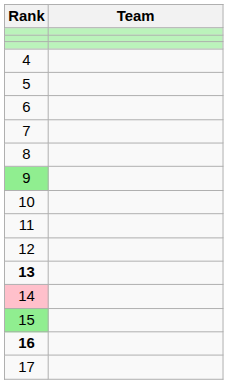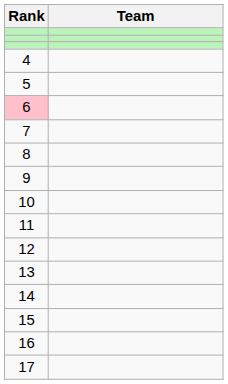 <table class="wikitable" style="text-align:center">
 <tr>
 <th width=40>Rank</th>
 <th width=180>Team</th>
 </tr>
 <tr bgcolor=#BBF3BB>
 <td></td>
 <td style="text-align:left"></td>
 </tr>
 <tr bgcolor=#BBF3BB>
 <td></td>
 <td style="text-align:left"></td>
 </tr>
 <tr bgcolor=#BBF3BB>
 <td></td>
 <td style="text-align:left"></td>
 </tr>
 <tr>
 <td>4</td>
 <td style="text-align:left"></td>
 </tr>
 <tr>
 <td>5</td>
 <td style="text-align:left"></td>
 </tr>
 <tr>
-<td>6</td>
+<td style="background: pink;">6</td>
 <td style="text-align:left"></td>
 </tr>
 <tr>
 <td>7</td>
 <td style="text-align:left"></td>
 </tr>
 <tr>
 <td>8</td>
 <td style="text-align:left"></td>
 </tr>
 <tr>
-<td style="background: lightgreen;">9</td>
+<td>9</td>
 <td style="text-align:left"></td>
 </tr>
 <tr>
 <td>10</td>
 <td style="text-align:left"></td>
 </tr>
 <tr>
 <td>11</td>
 <td style="text-align:left"></td>
 </tr>
 <tr>
 <td>12</td>
 <td style="text-align:left"></td>
 </tr>
 <tr>
-<td><strong>13</strong></td>
+<td>13</td>
 <td style="text-align:left"></td>
 </tr>
 <tr>
-<td style="background: pink;">14</td>
+<td>14</td>
 <td style="text-align:left"></td>
 </tr>
 <tr>
-<td style="background: lightgreen;">15</td>
+<td>15</td>
 <td style="text-align:left"></td>
 </tr>
 <tr>
-<td><strong>16</strong></td>
+<td>16</td>
 <td style="text-align:left"></td>
 </tr>
 <tr>
 <td>17</td>
 <td style="text-align:left"></td>
 </tr>
 </table>
